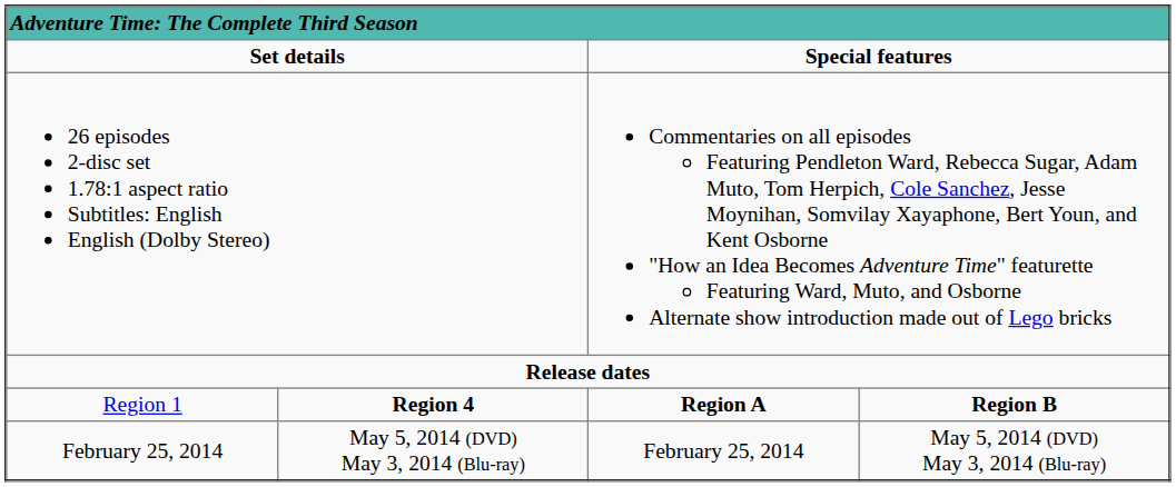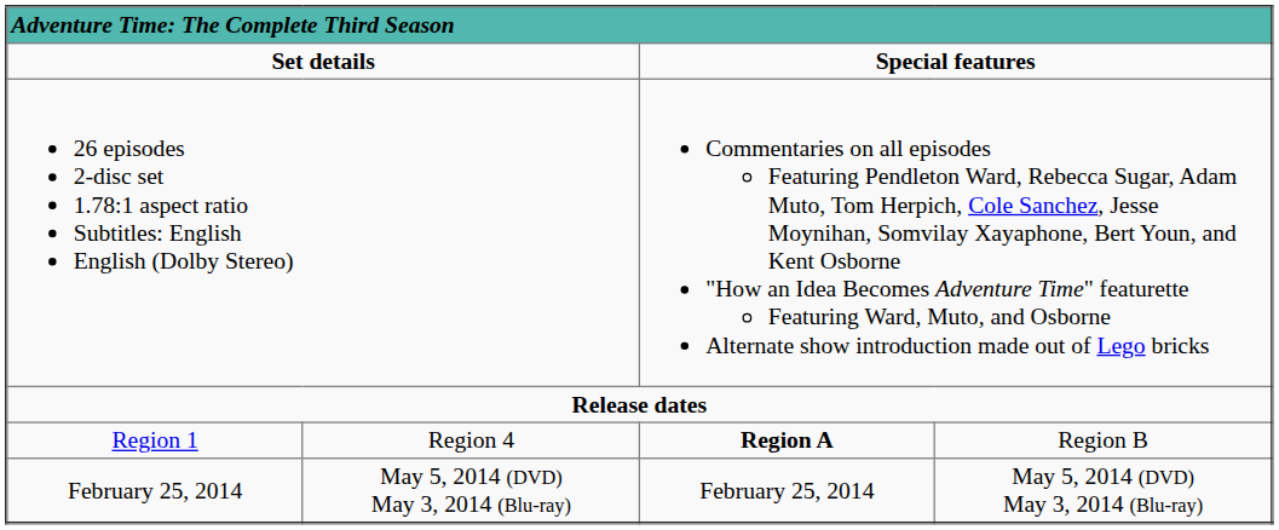 <table border="2" cellpadding="2" cellspacing="0" style="margin: 0 1em 0 0; background: #f9f9f9; border: c00 #aaa solid; border-collapse: collapse; font-size: 95%;">
 <tr style="background:#50B8AF; color:black;">
 <td colspan="4"><strong><em>Adventure Time: The Complete Third Season</em></strong></td>
 </tr>
 <tr valign="top">
 <td align="center" width="400" colspan="2"><strong>Set details</strong></td>
 <td align="center" width="400" colspan="2"><strong>Special features</strong></td>
 </tr>
 <tr valign="top">
 <td colspan="2" align="left" width="200"><br><ul><li>26 episodes</li><li>2-disc set</li><li>1.78:1 aspect ratio</li><li>Subtitles: English</li><li>English (Dolby Stereo)</li></ul></td>
 <td colspan="2" align="left" width="200"><br><ul><li>Commentaries on all episodes<ul><li>Featuring Pendleton Ward, Rebecca Sugar, Adam Muto, Tom Herpich, <a href='#'>Cole Sanchez</a>, Jesse Moynihan, Somvilay Xayaphone, Bert Youn, and Kent Osborne</li></ul></li><li>"How an Idea Becomes <em>Adventure Time</em>" featurette<ul><li>Featuring Ward, Muto, and Osborne</li></ul></li><li>Alternate show introduction made out of <a href='#'>Lego</a> bricks</li></ul></td>
 </tr>
 <tr>
 <td colspan="4" align="center"><strong>Release dates</strong></td>
 </tr>
 <tr>
 <td align="center"><a href='#'>Region 1</a></td>
-<td align="center"><strong>Region 4</strong></td>
+<td align="center">Region 4</td>
 <td align="center"><strong>Region A</strong></td>
-<td align="center"><strong>Region B</strong></td>
+<td align="center">Region B</td>
 </tr>
 <tr>
 <td align="center">February 25, 2014</td>
 <td align="center">May 5, 2014 <small>(DVD)</small><br>May 3, 2014 <small>(Blu-ray)</small></td>
 <td align="center">February 25, 2014</td>
 <td align="center">May 5, 2014 <small>(DVD)</small><br>May 3, 2014 <small>(Blu-ray)</small></td>
 </tr>
 </table>
